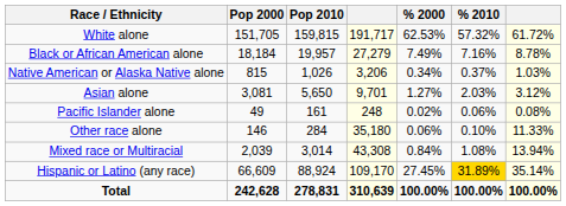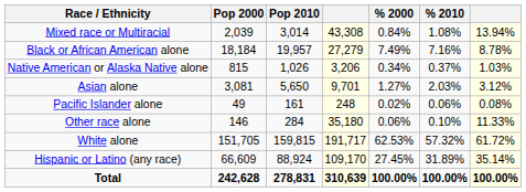 <table class="wikitable" style="text-align:center;">
 <tr>
 <th>Race / Ethnicity</th>
 <th>Pop 2000</th>
 <th>Pop 2010</th>
 <th></th>
 <th>% 2000</th>
 <th>% 2010</th>
 <th></th>
 </tr>
 <tr>
-<td><a href='#'>White</a> alone</td>
-<td>151,705</td>
-<td>159,815</td>
-<td style='background: #ffffe6;'>191,717</td>
-<td>62.53%</td>
-<td>57.32%</td>
-<td style='background: #ffffe6;'>61.72%</td>
+<td><a href='#'>Mixed race or Multiracial</a></td>
+<td>2,039</td>
+<td>3,014</td>
+<td style='background: #ffffe6;'>43,308</td>
+<td>0.84%</td>
+<td>1.08%</td>
+<td style='background: #ffffe6;'>13.94%</td>
 </tr>
 <tr>
 <td><a href='#'>Black or African American</a> alone</td>
 <td>18,184</td>
 <td>19,957</td>
 <td style='background: #ffffe6;'>27,279</td>
 <td>7.49%</td>
 <td>7.16%</td>
 <td style='background: #ffffe6;'>8.78%</td>
 </tr>
 <tr>
 <td><a href='#'>Native American</a> or <a href='#'>Alaska Native</a> alone</td>
 <td>815</td>
 <td>1,026</td>
 <td style='background: #ffffe6;'>3,206</td>
 <td>0.34%</td>
 <td>0.37%</td>
 <td style='background: #ffffe6;'>1.03%</td>
 </tr>
 <tr>
 <td><a href='#'>Asian</a> alone</td>
 <td>3,081</td>
 <td>5,650</td>
 <td style='background: #ffffe6;'>9,701</td>
 <td>1.27%</td>
 <td>2.03%</td>
 <td style='background: #ffffe6;'>3.12%</td>
 </tr>
 <tr>
 <td><a href='#'>Pacific Islander</a> alone</td>
 <td>49</td>
 <td>161</td>
 <td style='background: #ffffe6;'>248</td>
 <td>0.02%</td>
 <td>0.06%</td>
 <td style='background: #ffffe6;'>0.08%</td>
 </tr>
 <tr>
 <td><a href='#'>Other race</a> alone</td>
 <td>146</td>
 <td>284</td>
 <td style='background: #ffffe6;'>35,180</td>
 <td>0.06%</td>
 <td>0.10%</td>
 <td style='background: #ffffe6;'>11.33%</td>
 </tr>
 <tr>
-<td><a href='#'>Mixed race or Multiracial</a></td>
-<td>2,039</td>
-<td>3,014</td>
-<td style='background: #ffffe6;'>43,308</td>
-<td>0.84%</td>
-<td>1.08%</td>
-<td style='background: #ffffe6;'>13.94%</td>
+<td><a href='#'>White</a> alone</td>
+<td>151,705</td>
+<td>159,815</td>
+<td style='background: #ffffe6;'>191,717</td>
+<td>62.53%</td>
+<td>57.32%</td>
+<td style='background: #ffffe6;'>61.72%</td>
 </tr>
 <tr>
 <td><a href='#'>Hispanic or Latino</a> (any race)</td>
 <td>66,609</td>
 <td>88,924</td>
 <td style='background: #ffffe6;'>109,170</td>
 <td>27.45%</td>
-<td style="background: gold;">31.89%</td>
+<td>31.89%</td>
 <td style='background: #ffffe6;'>35.14%</td>
 </tr>
 <tr>
 <td><strong>Total</strong></td>
 <td><strong>242,628</strong></td>
 <td><strong>278,831</strong></td>
 <td style='background: #ffffe6;'><strong>310,639</strong></td>
 <td><strong>100.00%</strong></td>
 <td><strong>100.00%</strong></td>
 <td style='background: #ffffe6;'><strong>100.00%</strong></td>
 </tr>
 </table>
